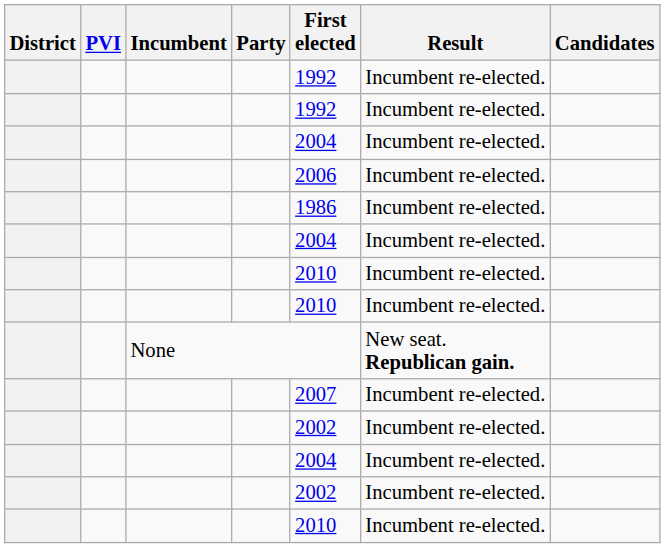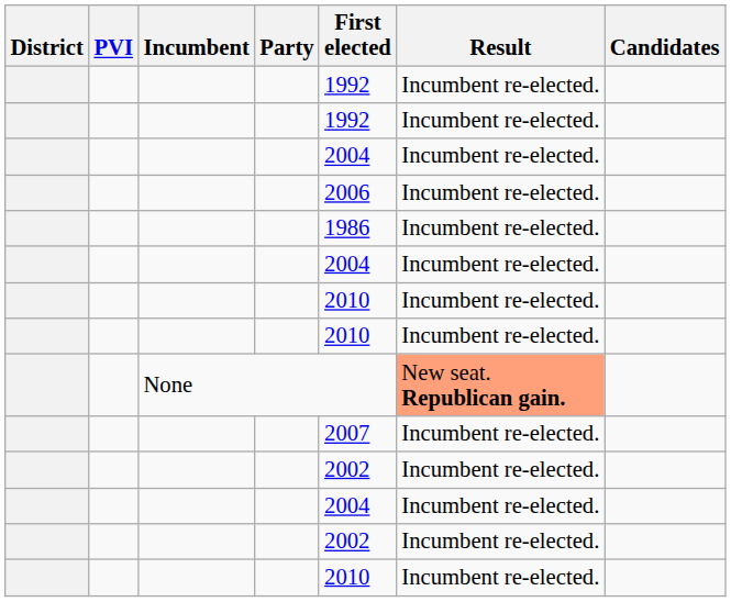 <table class="wikitable sortable">
 <tr valign=bottom>
 <th>District</th>
 <th><a href='#'>PVI</a></th>
 <th>Incumbent</th>
 <th>Party</th>
 <th>First<br>elected</th>
 <th>Result</th>
 <th>Candidates</th>
 </tr>
 <tr>
 <th></th>
 <td></td>
 <td></td>
 <td></td>
 <td><a href='#'>1992</a></td>
 <td>Incumbent re-elected.</td>
 <td nowrap></td>
 </tr>
 <tr>
 <th></th>
 <td></td>
 <td></td>
 <td></td>
 <td><a href='#'>1992</a></td>
 <td>Incumbent re-elected.</td>
 <td nowrap></td>
 </tr>
 <tr>
 <th></th>
 <td></td>
 <td></td>
 <td></td>
 <td><a href='#'>2004</a></td>
 <td>Incumbent re-elected.</td>
 <td nowrap></td>
 </tr>
 <tr>
 <th></th>
 <td></td>
 <td></td>
 <td></td>
 <td><a href='#'>2006</a></td>
 <td>Incumbent re-elected.</td>
 <td nowrap></td>
 </tr>
 <tr>
 <th></th>
 <td></td>
 <td></td>
 <td></td>
 <td><a href='#'>1986</a></td>
 <td>Incumbent re-elected.</td>
 <td nowrap></td>
 </tr>
 <tr>
 <th></th>
 <td></td>
 <td></td>
 <td></td>
 <td><a href='#'>2004</a></td>
 <td>Incumbent re-elected.</td>
 <td nowrap></td>
 </tr>
 <tr>
 <th></th>
 <td></td>
 <td></td>
 <td></td>
 <td><a href='#'>2010</a></td>
 <td>Incumbent re-elected.</td>
 <td nowrap></td>
 </tr>
 <tr>
 <th></th>
 <td></td>
 <td></td>
 <td></td>
 <td><a href='#'>2010</a></td>
 <td>Incumbent re-elected.</td>
 <td nowrap></td>
 </tr>
 <tr>
 <th></th>
 <td></td>
 <td colspan=3 data-sort-value="ZZZ">None </td>
-<td>New seat.<br><strong>Republican gain.</strong></td>
+<td style="background: lightsalmon;">New seat.<br><strong>Republican gain.</strong></td>
 <td nowrap></td>
 </tr>
 <tr>
 <th></th>
 <td></td>
 <td></td>
 <td></td>
 <td><a href='#'>2007 </a></td>
 <td>Incumbent re-elected.</td>
 <td nowrap></td>
 </tr>
 <tr>
 <th></th>
 <td></td>
 <td></td>
 <td></td>
 <td><a href='#'>2002</a></td>
 <td>Incumbent re-elected.</td>
 <td nowrap></td>
 </tr>
 <tr>
 <th></th>
 <td></td>
 <td></td>
 <td></td>
 <td><a href='#'>2004</a></td>
 <td>Incumbent re-elected.</td>
 <td nowrap></td>
 </tr>
 <tr>
 <th></th>
 <td></td>
 <td></td>
 <td></td>
 <td><a href='#'>2002</a></td>
 <td>Incumbent re-elected.</td>
 <td nowrap></td>
 </tr>
 <tr>
 <th></th>
 <td></td>
 <td><br></td>
 <td></td>
 <td><a href='#'>2010 </a></td>
 <td>Incumbent re-elected.</td>
 <td nowrap></td>
 </tr>
 </table>
